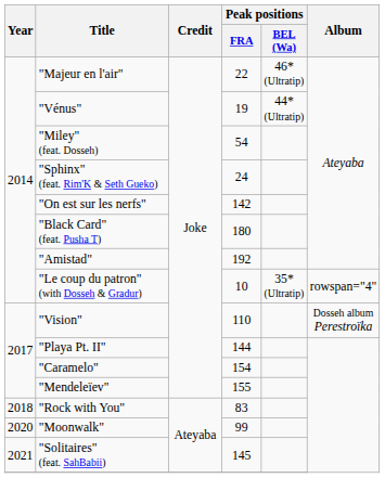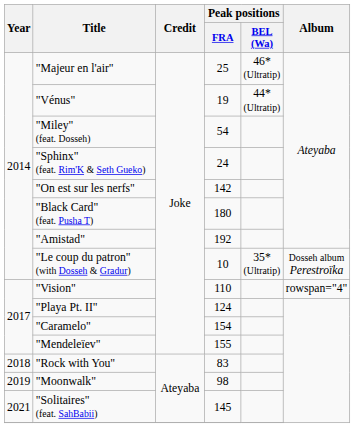 <table class="wikitable">
 <tr>
 <th align="center" rowspan="2" width="10">Year</th>
 <th align="center" rowspan="2" width="160">Title</th>
 <th align="center" rowspan="2" width="60">Credit</th>
 <th align="center" colspan="2" width="20">Peak positions</th>
 <th align="center" rowspan="2" width="70">Album</th>
 </tr>
 <tr>
 <th scope="col" style="width:3em;font-size:90%;"><a href='#'>FRA</a><br></th>
 <th scope="col" style="width:3em;font-size:90%;"><a href='#'>BEL (Wa)</a><br></th>
 </tr>
 <tr>
 <td style="text-align:center;" rowspan=8>2014</td>
 <td>"Majeur en l'air"</td>
 <td style="text-align:center;" rowspan=12>Joke</td>
-<td style="text-align:center;">22</td>
+<td style="text-align:center;">25</td>
 <td style="text-align:center;">46* <br><small>(Ultratip)</small></td>
 <td style="text-align:center;" rowspan=7><em>Ateyaba</em></td>
 </tr>
 <tr>
 <td>"Vénus"</td>
 <td style="text-align:center;">19</td>
 <td style="text-align:center;">44* <br><small>(Ultratip)</small></td>
 </tr>
 <tr>
 <td>"Miley" <br><small>(feat. Dosseh)</small></td>
 <td style="text-align:center;">54</td>
 <td style="text-align:center;"></td>
 </tr>
 <tr>
 <td>"Sphinx" <br><small>(feat. <a href='#'>Rim'K</a> & <a href='#'>Seth Gueko</a>)</small></td>
 <td style="text-align:center;">24</td>
 <td style="text-align:center;"></td>
 </tr>
 <tr>
 <td>"On est sur les nerfs"</td>
 <td style="text-align:center;">142</td>
 <td style="text-align:center;"></td>
 </tr>
 <tr>
 <td>"Black Card" <br><small>(feat. <a href='#'>Pusha T</a>)</small></td>
 <td style="text-align:center;">180</td>
 <td style="text-align:center;"></td>
 </tr>
 <tr>
 <td>"Amistad"</td>
 <td style="text-align:center;">192</td>
 <td style="text-align:center;"></td>
 </tr>
 <tr>
 <td>"Le coup du patron"<br><small>(with <a href='#'>Dosseh</a> & <a href='#'>Gradur</a>)</small></td>
 <td style="text-align:center;">10</td>
 <td style="text-align:center;">35* <br><small>(Ultratip)</small></td>
-<td>rowspan="4" </td>
+<td style="text-align:center;"><small>Dosseh album</small><br><em>Perestroïka</em></td>
 </tr>
 <tr>
 <td style="text-align:center;" rowspan="4">2017</td>
 <td>"Vision"</td>
 <td style="text-align:center;">110<br></td>
 <td style="text-align:center;"></td>
-<td style="text-align:center;"><small>Dosseh album</small><br><em>Perestroïka</em></td>
+<td>rowspan="4" </td>
 </tr>
 <tr>
 <td>"Playa Pt. II"</td>
-<td style="text-align:center;">144<br></td>
+<td style="text-align:center;">124<br></td>
 <td style="text-align:center;"></td>
 </tr>
 <tr>
 <td>"Caramelo"</td>
 <td style="text-align:center;">154<br></td>
 <td style="text-align:center;"></td>
 </tr>
 <tr>
 <td>"Mendeleïev"</td>
 <td style="text-align:center;">155<br></td>
 <td style="text-align:center;"></td>
 </tr>
 <tr>
 <td style="text-align:center;">2018</td>
 <td>"Rock with You"</td>
 <td style="text-align:center;" rowspan=3>Ateyaba</td>
 <td style="text-align:center;">83<br></td>
 <td style="text-align:center;"></td>
 </tr>
 <tr>
-<td style="text-align:center;">2020</td>
+<td style="text-align:center;">2019</td>
 <td>"Moonwalk"</td>
-<td style="text-align:center;">99</td>
+<td style="text-align:center;">98</td>
 <td style="text-align:center;"></td>
 </tr>
 <tr>
 <td style="text-align:center;">2021</td>
 <td>"Solitaires"<br><small>(feat. <a href='#'>SahBabii</a>)</small></td>
 <td style="text-align:center;">145</td>
 <td style="text-align:center;"></td>
 </tr>
 <tr>
 </tr>
 </table>
